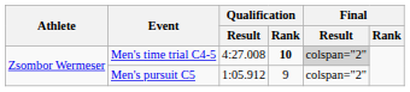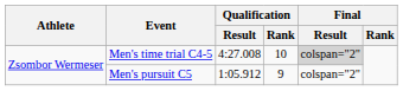 <table class="wikitable"  style="font-size:90%">
 <tr>
 <th rowspan="2">Athlete</th>
 <th rowspan="2">Event</th>
 <th colspan="2">Qualification</th>
 <th colspan="2">Final</th>
 </tr>
 <tr>
 <th>Result</th>
 <th>Rank</th>
 <th>Result</th>
 <th>Rank</th>
 </tr>
 <tr align="center">
 <td rowspan="2" align="left"><a href='#'>Zsombor Wermeser</a></td>
 <td align="left"><a href='#'>Men's time trial C4-5</a></td>
 <td>4:27.008</td>
-<td><strong>10</strong></td>
+<td>10</td>
 <td style="background: lightgrey;">colspan="2" </td>
 </tr>
 <tr align="center">
 <td align="left"><a href='#'>Men's pursuit C5</a></td>
 <td>1:05.912</td>
 <td>9</td>
 <td>colspan="2" </td>
 </tr>
 </table>
